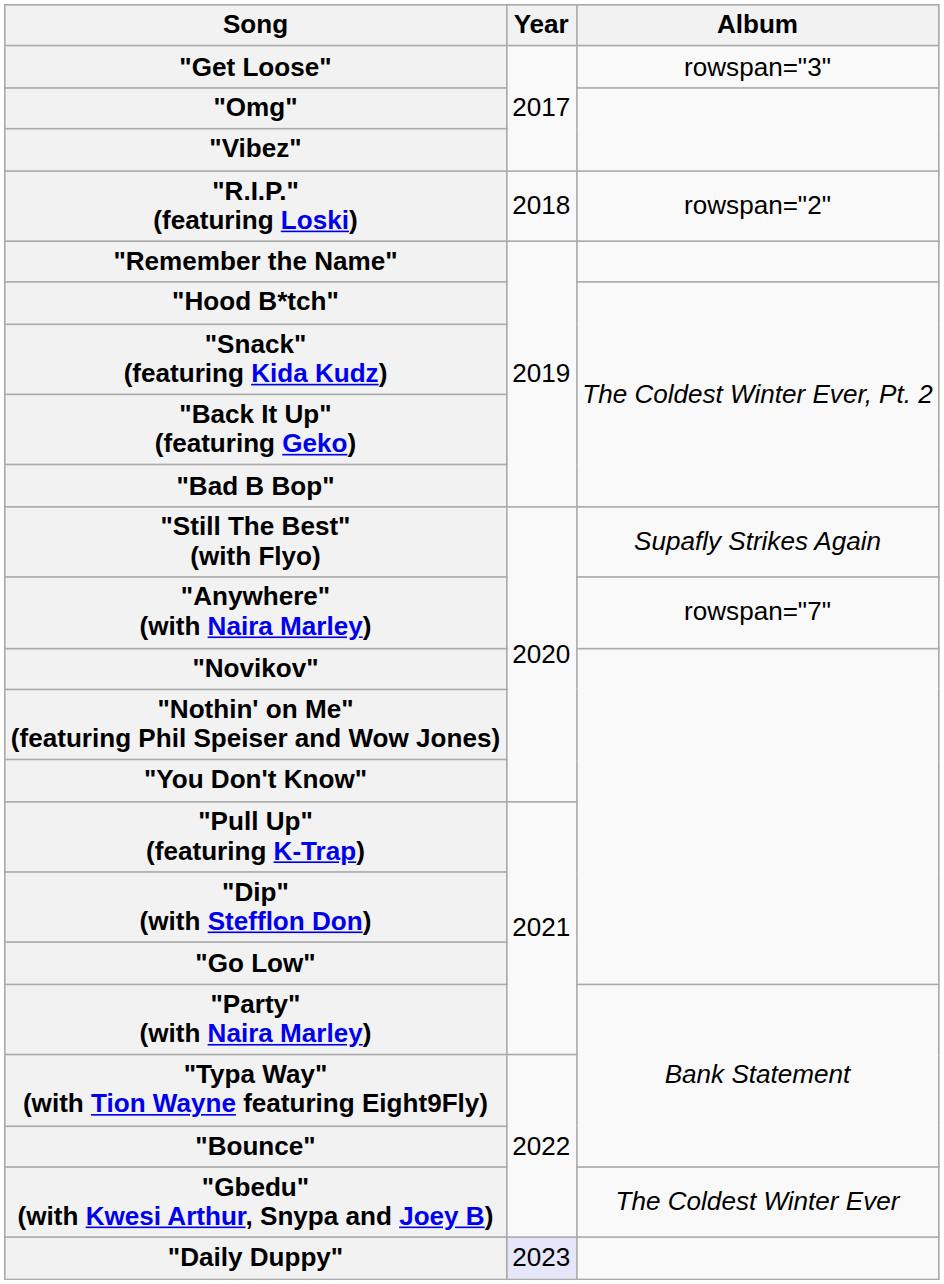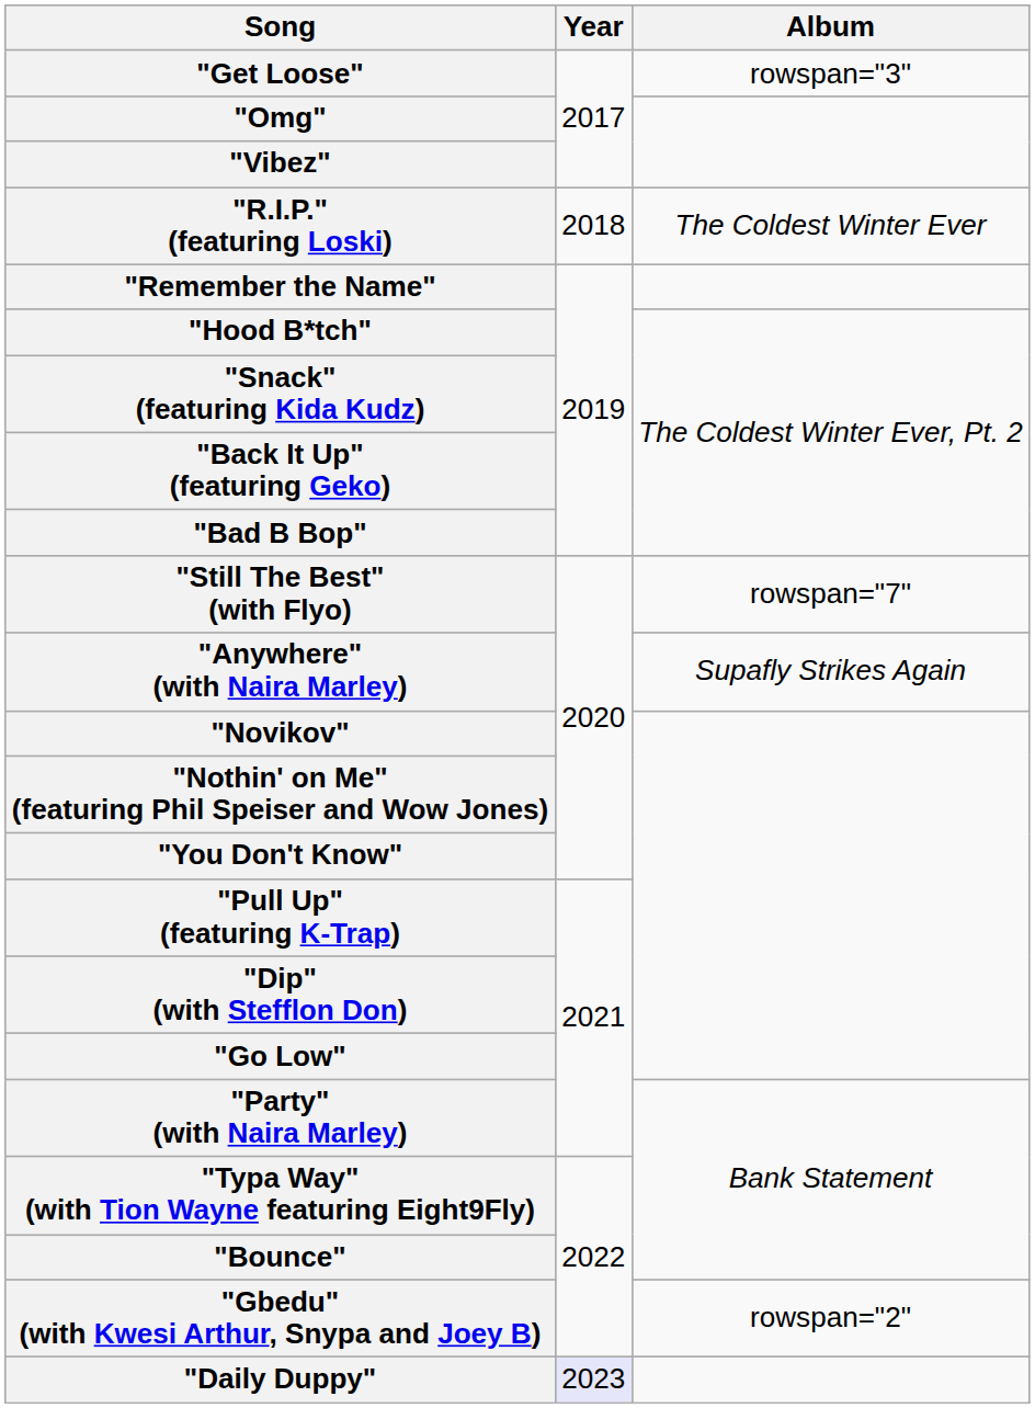 <table class="wikitable plainrowheaders" style="text-align:center;">
 <tr>
 <th>Song</th>
 <th>Year</th>
 <th>Album</th>
 </tr>
 <tr>
 <th scope="row">"Get Loose"</th>
 <td rowspan="3">2017</td>
 <td>rowspan="3" </td>
 </tr>
 <tr>
 <th scope="row">"Omg"</th>
 </tr>
 <tr>
 <th scope="row">"Vibez"</th>
 </tr>
 <tr>
 <th scope="row">"R.I.P."<br><span>(featuring <a href='#'>Loski</a>)</span></th>
 <td>2018</td>
-<td>rowspan="2" </td>
+<td><em>The Coldest Winter Ever</em></td>
 </tr>
 <tr>
 <th scope="row">"Remember the Name"</th>
 <td rowspan="5">2019</td>
 <td></td>
 </tr>
 <tr>
 <th scope="row">"Hood B*tch"</th>
 <td rowspan="4"><em>The Coldest Winter Ever, Pt. 2</em></td>
 </tr>
 <tr>
 <th scope="row">"Snack"<br><span>(featuring <a href='#'>Kida Kudz</a>)</span></th>
 </tr>
 <tr>
 <th scope="row">"Back It Up"<br><span>(featuring <a href='#'>Geko</a>)</span></th>
 </tr>
 <tr>
 <th scope="row">"Bad B Bop"</th>
 </tr>
 <tr>
 <th scope="row">"Still The Best"<br><span>(with Flyo)</span></th>
 <td rowspan="5">2020</td>
-<td><em> Supafly Strikes Again</em></td>
+<td>rowspan="7" </td>
 </tr>
 <tr>
 <th scope="row">"Anywhere"<br><span>(with <a href='#'>Naira Marley</a>)</span></th>
-<td>rowspan="7" </td>
+<td><em> Supafly Strikes Again</em></td>
 </tr>
 <tr>
 <th scope="row">"Novikov"</th>
 </tr>
 <tr>
 <th scope="row">"Nothin' on Me"<br><span>(featuring Phil Speiser and Wow Jones)</span></th>
 </tr>
 <tr>
 <th scope="row">"You Don't Know"</th>
 </tr>
 <tr>
 <th scope="row">"Pull Up"<br><span>(featuring <a href='#'>K-Trap</a>)</span></th>
 <td rowspan="4">2021</td>
 </tr>
 <tr>
 <th scope="row">"Dip"<br><span>(with <a href='#'>Stefflon Don</a>)</span></th>
 </tr>
 <tr>
 <th scope="row">"Go Low"</th>
 </tr>
 <tr>
 <th scope="row">"Party"<br><span>(with <a href='#'>Naira Marley</a>)</span></th>
 <td rowspan="3"><em>Bank Statement</em></td>
 </tr>
 <tr>
 <th scope="row">"Typa Way"<br><span>(with <a href='#'>Tion Wayne</a> featuring Eight9Fly)</span></th>
 <td rowspan="3">2022</td>
 </tr>
 <tr>
 <th scope="row">"Bounce"</th>
 </tr>
 <tr>
 <th scope="row">"Gbedu"<br><span>(with <a href='#'>Kwesi Arthur</a>, Snypa and <a href='#'>Joey B</a>)</span></th>
-<td><em>The Coldest Winter Ever</em></td>
+<td>rowspan="2" </td>
 </tr>
 <tr>
 <th scope="row">"Daily Duppy"</th>
 <td style="background: lavender;">2023</td>
 </tr>
 </table>
